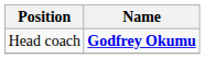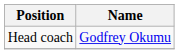 <table class="wikitable">
 <tr>
 <th>Position</th>
 <th>Name</th>
 </tr>
 <tr>
 <td>Head coach</td>
-<td><strong> <a href='#'>Godfrey Okumu</a></strong></td>
+<td> <a href='#'>Godfrey Okumu</a></td>
 </tr>
 <tr>
 </tr>
 </table>
